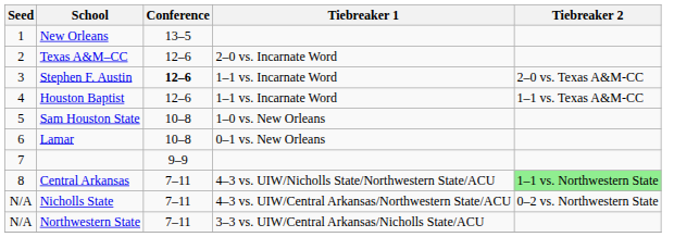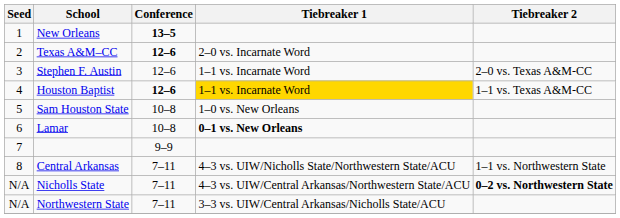 <table class="wikitable" style="text-align:center">
 <tr>
 <th>Seed</th>
 <th>School</th>
 <th>Conference</th>
 <th>Tiebreaker 1</th>
 <th>Tiebreaker 2</th>
 </tr>
 <tr>
 <td>1</td>
 <td align="left"><a href='#'>New Orleans</a></td>
-<td>13–5</td>
+<td><strong>13–5</strong></td>
 <td align=left></td>
 <td align=left></td>
 </tr>
 <tr>
 <td>2</td>
 <td align="left"><a href='#'>Texas A&M–CC</a></td>
-<td>12–6</td>
+<td><strong>12–6</strong></td>
 <td align=left>2–0 vs. Incarnate Word</td>
 <td align=left></td>
 </tr>
 <tr>
 <td>3</td>
 <td align="left"><a href='#'>Stephen F. Austin</a></td>
-<td><strong>12–6</strong></td>
+<td>12–6</td>
 <td align=left>1–1 vs. Incarnate Word</td>
 <td align=left>2–0 vs. Texas A&M-CC</td>
 </tr>
 <tr>
 <td>4</td>
 <td align="left"><a href='#'>Houston Baptist</a></td>
-<td>12–6</td>
-<td align=left>1–1 vs. Incarnate Word</td>
+<td><strong>12–6</strong></td>
+<td align=left style="background: gold;">1–1 vs. Incarnate Word</td>
 <td align=left>1–1 vs. Texas A&M-CC</td>
 </tr>
 <tr>
 <td>5</td>
 <td align="left"><a href='#'>Sam Houston State</a></td>
 <td>10–8</td>
 <td align=left>1–0 vs. New Orleans</td>
 <td align=left></td>
 </tr>
 <tr>
 <td>6</td>
 <td align="left"><a href='#'>Lamar</a></td>
 <td>10–8</td>
-<td align=left>0–1 vs. New Orleans</td>
+<td align=left><strong>0–1 vs. New Orleans</strong></td>
 <td align=left></td>
 </tr>
 <tr>
 <td>7</td>
 <td align="left"></td>
 <td>9–9</td>
 <td align=left></td>
 <td align=left></td>
 </tr>
 <tr>
 <td>8</td>
 <td align="left"><a href='#'>Central Arkansas</a></td>
 <td>7–11</td>
 <td align=left>4–3 vs. UIW/Nicholls State/Northwestern State/ACU</td>
-<td align=left style="background: lightgreen;">1–1 vs. Northwestern State</td>
+<td align=left>1–1 vs. Northwestern State</td>
 </tr>
 <tr>
 <td>N/A</td>
 <td align="left"><a href='#'>Nicholls State</a></td>
 <td>7–11</td>
 <td align=left>4–3 vs. UIW/Central Arkansas/Northwestern State/ACU</td>
-<td align=left>0–2 vs. Northwestern State</td>
+<td align=left><strong>0–2 vs. Northwestern State</strong></td>
 </tr>
 <tr>
 <td>N/A</td>
 <td align="left"><a href='#'>Northwestern State</a></td>
 <td>7–11</td>
 <td align=left>3–3 vs. UIW/Central Arkansas/Nicholls State/ACU</td>
 <td align=left></td>
 </tr>
 <tr>
 </tr>
 </table>
